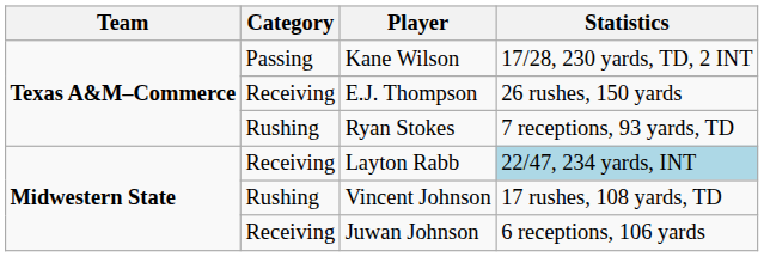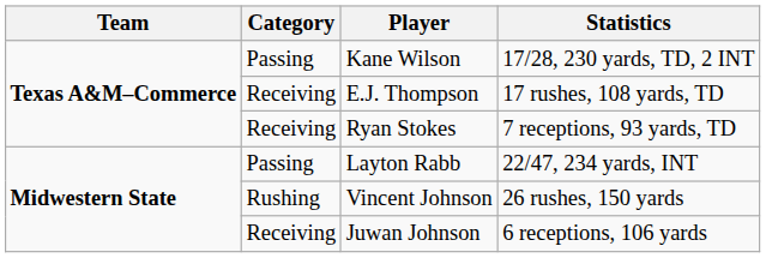 <table class="wikitable" style="float: right;">
 <tr>
 <th>Team</th>
 <th>Category</th>
 <th>Player</th>
 <th>Statistics</th>
 </tr>
 <tr>
 <td rowspan=3><strong>Texas A&M–Commerce</strong></td>
 <td>Passing</td>
 <td>Kane Wilson</td>
 <td>17/28, 230 yards, TD, 2 INT</td>
 </tr>
 <tr>
 <td>Receiving</td>
 <td>E.J. Thompson</td>
-<td>26 rushes, 150 yards</td>
+<td>17 rushes, 108 yards, TD</td>
 </tr>
 <tr>
-<td>Rushing</td>
+<td>Receiving</td>
 <td>Ryan Stokes</td>
 <td>7 receptions, 93 yards, TD</td>
 </tr>
 <tr>
 <td rowspan=3><strong>Midwestern State</strong></td>
-<td>Receiving</td>
+<td>Passing</td>
 <td>Layton Rabb</td>
-<td style="background: lightblue;">22/47, 234 yards, INT</td>
+<td>22/47, 234 yards, INT</td>
 </tr>
 <tr>
 <td>Rushing</td>
 <td>Vincent Johnson</td>
-<td>17 rushes, 108 yards, TD</td>
+<td>26 rushes, 150 yards</td>
 </tr>
 <tr>
 <td>Receiving</td>
 <td>Juwan Johnson</td>
 <td>6 receptions, 106 yards</td>
 </tr>
 </table>
